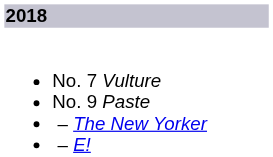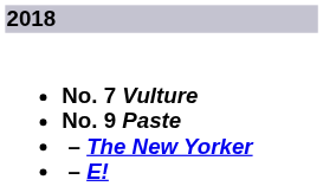 <table class="collapsible collapsed">
 <tr>
 <th style="width:14em; background:#C4C3D0; text-align:left">2018</th>
 </tr>
 <tr>
-<td colspan=><br><ul><li>No. 7 <em>Vulture</em></li><li>No. 9 <em>Paste</em></li><li> – <em><a href='#'>The New Yorker</a></em></li><li> – <em><a href='#'>E!</a></em></li></ul></td>
+<td colspan=><strong><br><ul><li>No. 7 <em>Vulture</em></li><li>No. 9 <em>Paste</em></li><li> – <em><a href='#'>The New Yorker</a></em></li><li> – <em><a href='#'>E!</a></em></li></ul></strong></td>
 </tr>
 </table>
